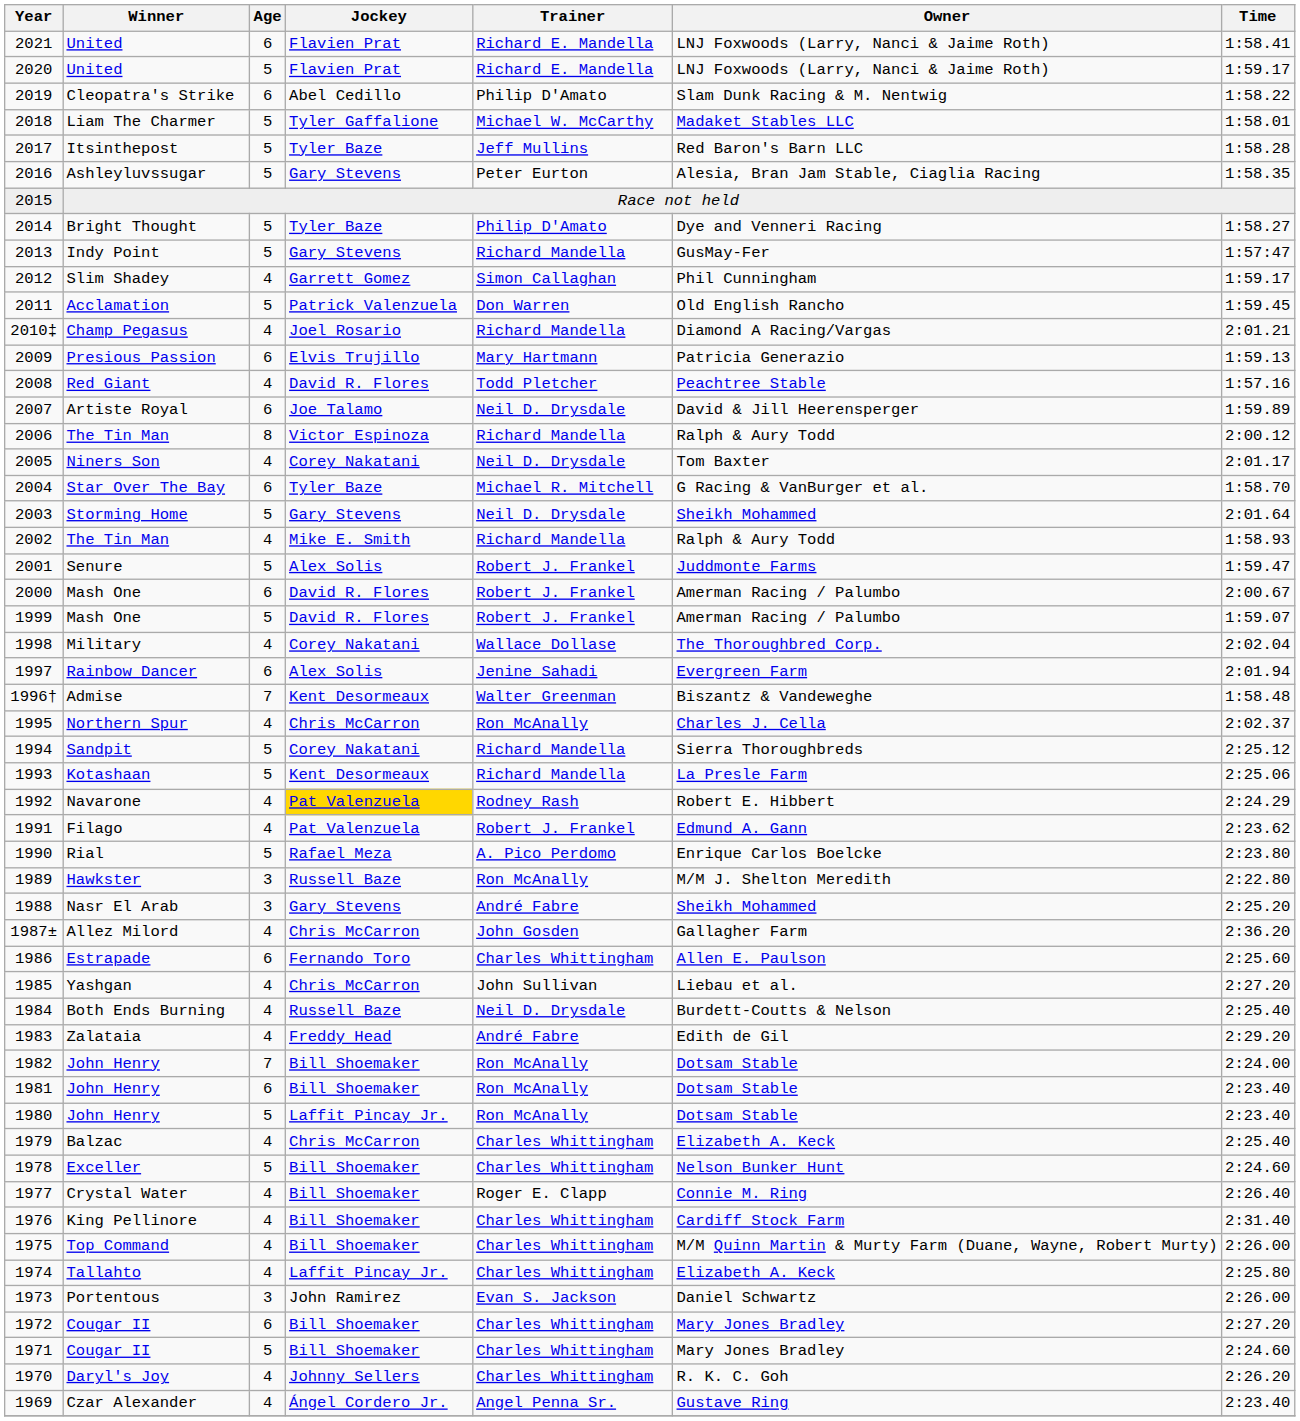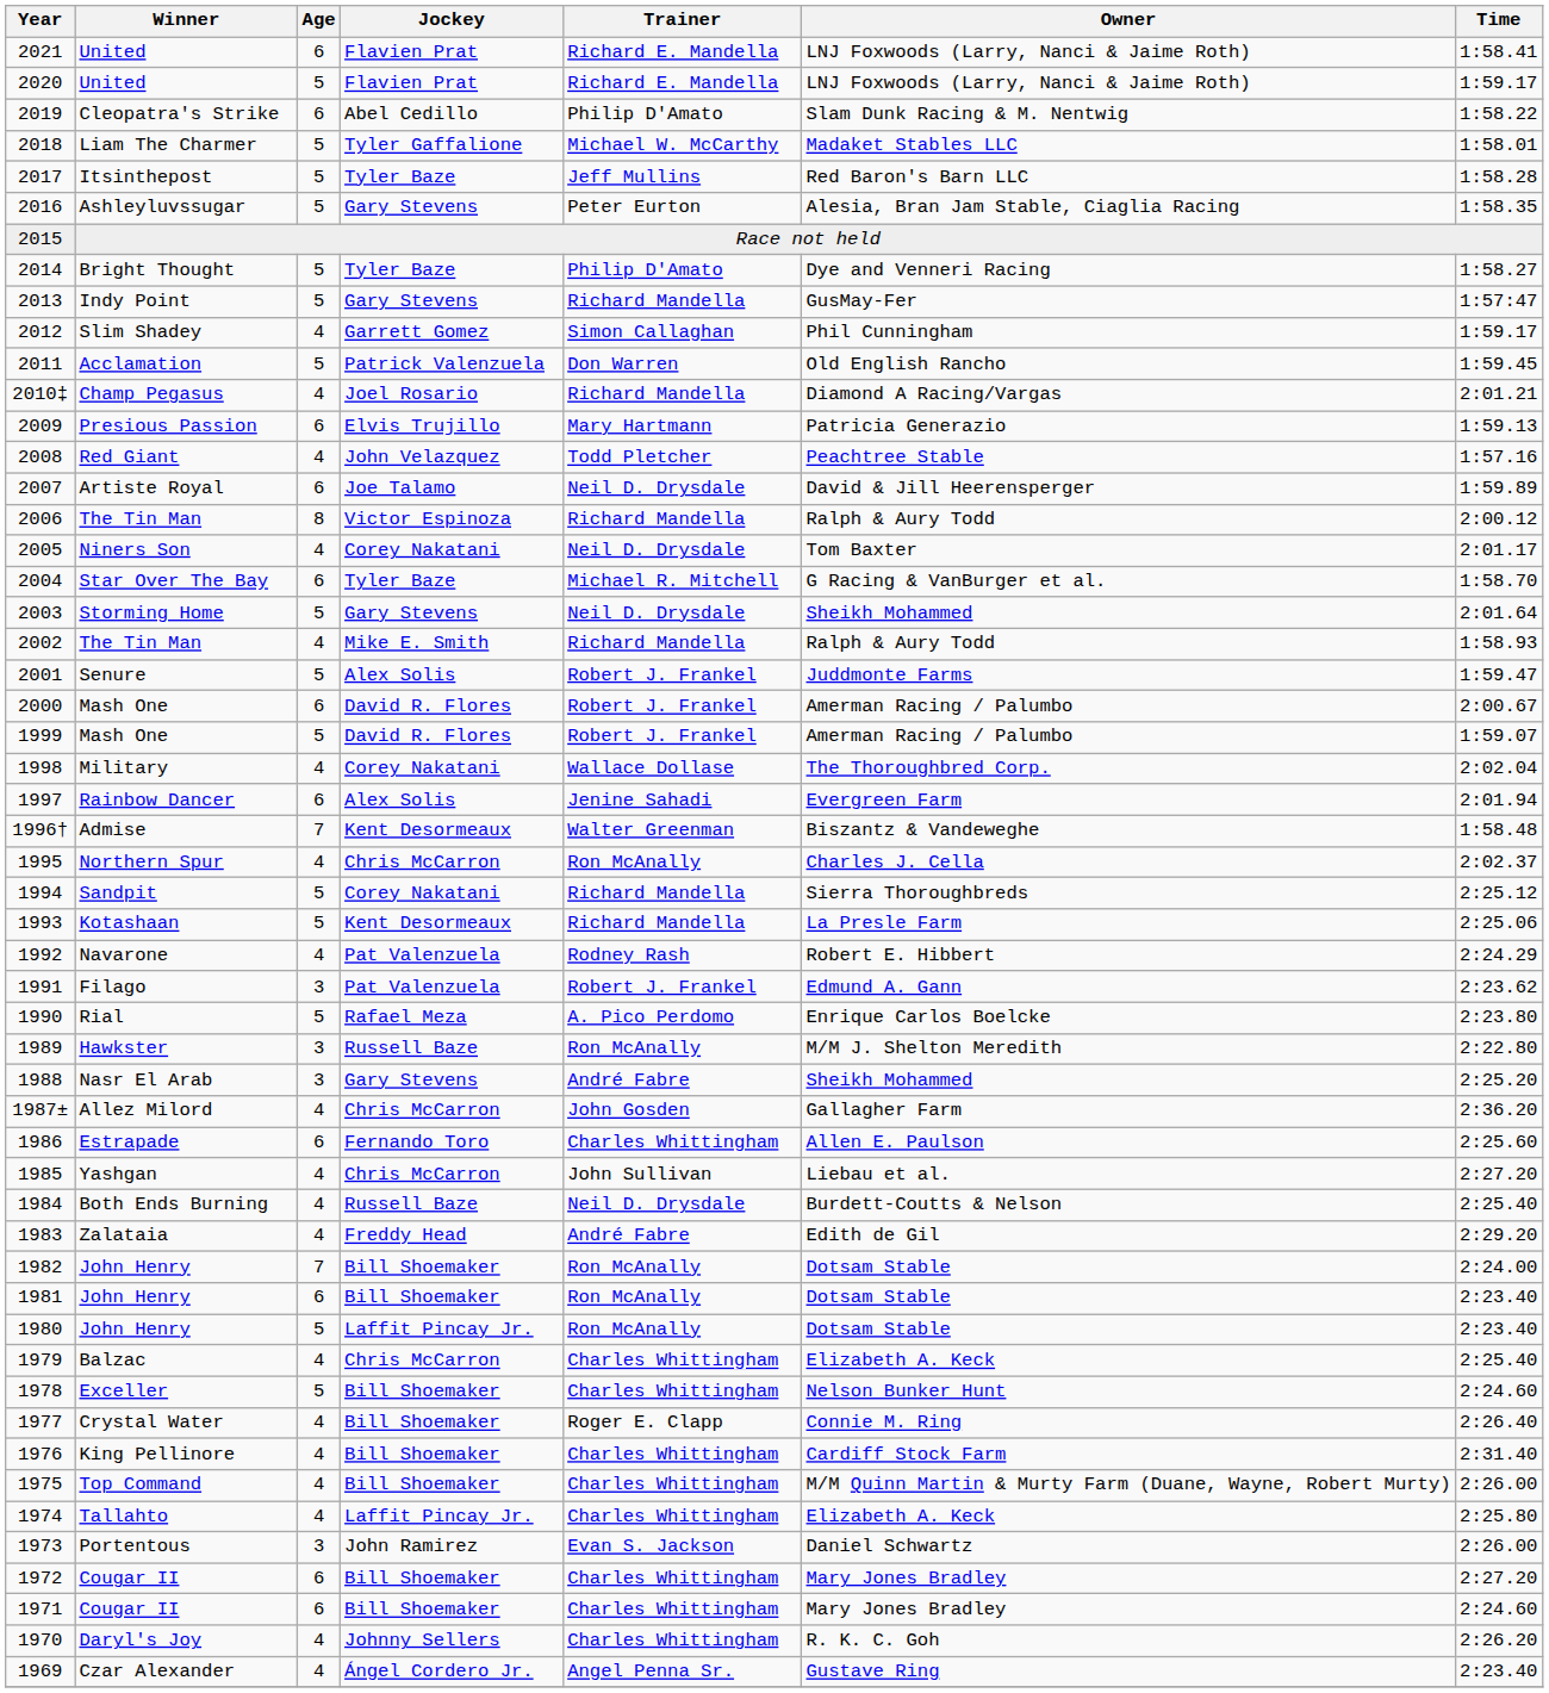 <table class="wikitable sortable" style="font-size:90%">
 <tr>
 <th style="width:38px">Year<br></th>
 <th style="width:135px">Winner<br></th>
 <th>Age<br></th>
 <th style="width:135px">Jockey<br></th>
 <th style="width:145px">Trainer<br></th>
 <th style="width:">Owner<br></th>
 <th>Time</th>
 </tr>
 <tr>
 <td align=center>2021</td>
 <td><a href='#'>United</a></td>
 <td align=center>6</td>
 <td><a href='#'>Flavien Prat</a></td>
 <td><a href='#'>Richard E. Mandella</a></td>
 <td>LNJ Foxwoods (Larry, Nanci & Jaime Roth)</td>
 <td>1:58.41</td>
 </tr>
 <tr>
 <td align=center>2020</td>
 <td><a href='#'>United</a></td>
 <td align=center>5</td>
 <td><a href='#'>Flavien Prat</a></td>
 <td><a href='#'>Richard E. Mandella</a></td>
 <td>LNJ Foxwoods (Larry, Nanci & Jaime Roth)</td>
 <td>1:59.17</td>
 </tr>
 <tr>
 <td align=center>2019</td>
 <td>Cleopatra's Strike</td>
 <td align=center>6</td>
 <td>Abel Cedillo</td>
 <td>Philip D'Amato</td>
 <td>Slam Dunk Racing & M. Nentwig</td>
 <td>1:58.22</td>
 </tr>
 <tr>
 <td align=center>2018</td>
 <td>Liam The Charmer</td>
 <td align=center>5</td>
 <td><a href='#'>Tyler Gaffalione</a></td>
 <td><a href='#'>Michael W. McCarthy</a></td>
 <td><a href='#'>Madaket Stables LLC</a></td>
 <td>1:58.01</td>
 </tr>
 <tr>
 <td align=center>2017</td>
 <td>Itsinthepost</td>
 <td align=center>5</td>
 <td><a href='#'>Tyler Baze</a></td>
 <td><a href='#'>Jeff Mullins</a></td>
 <td>Red Baron's Barn LLC</td>
 <td>1:58.28</td>
 </tr>
 <tr>
 <td align=center>2016</td>
 <td>Ashleyluvssugar</td>
 <td align=center>5</td>
 <td><a href='#'>Gary Stevens</a></td>
 <td>Peter Eurton</td>
 <td>Alesia, Bran Jam Stable, Ciaglia Racing</td>
 <td>1:58.35</td>
 </tr>
 <tr bgcolor="#eeeeee">
 <td align=center>2015</td>
 <td align=center  colspan=7><em>Race not held</em></td>
 </tr>
 <tr>
 <td align=center>2014</td>
 <td>Bright Thought</td>
 <td align=center>5</td>
 <td><a href='#'>Tyler Baze</a></td>
 <td><a href='#'>Philip D'Amato</a></td>
 <td>Dye and Venneri Racing</td>
 <td>1:58.27</td>
 </tr>
 <tr>
 <td align=center>2013</td>
 <td>Indy Point</td>
 <td align=center>5</td>
 <td><a href='#'>Gary Stevens</a></td>
 <td><a href='#'>Richard Mandella</a></td>
 <td>GusMay-Fer</td>
 <td>1:57:47</td>
 </tr>
 <tr>
 <td align=center>2012</td>
 <td>Slim Shadey</td>
 <td align=center>4</td>
 <td><a href='#'>Garrett Gomez</a></td>
 <td><a href='#'>Simon Callaghan</a></td>
 <td>Phil Cunningham</td>
 <td>1:59.17</td>
 </tr>
 <tr>
 <td align=center>2011</td>
 <td><a href='#'>Acclamation</a></td>
 <td align=center>5</td>
 <td><a href='#'>Patrick Valenzuela</a></td>
 <td><a href='#'>Don Warren</a></td>
 <td>Old English Rancho</td>
 <td>1:59.45</td>
 </tr>
 <tr>
 <td align=center>2010‡</td>
 <td><a href='#'>Champ Pegasus</a></td>
 <td align=center>4</td>
 <td><a href='#'>Joel Rosario</a></td>
 <td><a href='#'>Richard Mandella</a></td>
 <td>Diamond A Racing/Vargas</td>
 <td>2:01.21</td>
 </tr>
 <tr>
 <td align=center>2009</td>
 <td><a href='#'>Presious Passion</a></td>
 <td align=center>6</td>
 <td><a href='#'>Elvis Trujillo</a></td>
 <td><a href='#'>Mary Hartmann</a></td>
 <td>Patricia Generazio</td>
 <td>1:59.13</td>
 </tr>
 <tr>
 <td align=center>2008</td>
 <td><a href='#'>Red Giant</a></td>
 <td align=center>4</td>
-<td><a href='#'>David R. Flores</a></td>
+<td><a href='#'>John Velazquez</a></td>
 <td><a href='#'>Todd Pletcher</a></td>
 <td><a href='#'>Peachtree Stable</a></td>
 <td>1:57.16</td>
 </tr>
 <tr>
 <td align=center>2007</td>
 <td>Artiste Royal</td>
 <td align=center>6</td>
 <td><a href='#'>Joe Talamo</a></td>
 <td><a href='#'>Neil D. Drysdale</a></td>
 <td>David & Jill Heerensperger</td>
 <td>1:59.89</td>
 </tr>
 <tr>
 <td align=center>2006</td>
 <td><a href='#'>The Tin Man</a></td>
 <td align=center>8</td>
 <td><a href='#'>Victor Espinoza</a></td>
 <td><a href='#'>Richard Mandella</a></td>
 <td>Ralph & Aury Todd</td>
 <td>2:00.12</td>
 </tr>
 <tr>
 <td align=center>2005</td>
 <td><a href='#'> Niners Son</a></td>
 <td align=center>4</td>
 <td><a href='#'>Corey Nakatani</a></td>
 <td><a href='#'>Neil D. Drysdale</a></td>
 <td>Tom Baxter</td>
 <td>2:01.17</td>
 </tr>
 <tr>
 <td align=center>2004</td>
 <td><a href='#'>Star Over The Bay</a></td>
 <td align=center>6</td>
 <td><a href='#'>Tyler Baze</a></td>
 <td><a href='#'>Michael R. Mitchell</a></td>
 <td>G Racing & VanBurger et al.</td>
 <td>1:58.70</td>
 </tr>
 <tr>
 <td align=center>2003</td>
 <td><a href='#'>Storming Home</a></td>
 <td align=center>5</td>
 <td><a href='#'>Gary Stevens</a></td>
 <td><a href='#'>Neil D. Drysdale</a></td>
 <td><a href='#'>Sheikh Mohammed</a></td>
 <td>2:01.64</td>
 </tr>
 <tr>
 <td align=center>2002</td>
 <td><a href='#'>The Tin Man</a></td>
 <td align=center>4</td>
 <td><a href='#'>Mike E. Smith</a></td>
 <td><a href='#'>Richard Mandella</a></td>
 <td>Ralph & Aury Todd</td>
 <td>1:58.93</td>
 </tr>
 <tr>
 <td align=center>2001</td>
 <td>Senure</td>
 <td align=center>5</td>
 <td><a href='#'>Alex Solis</a></td>
 <td><a href='#'>Robert J. Frankel</a></td>
 <td><a href='#'>Juddmonte Farms</a></td>
 <td>1:59.47</td>
 </tr>
 <tr>
 <td align=center>2000</td>
 <td>Mash One</td>
 <td align=center>6</td>
 <td><a href='#'>David R. Flores</a></td>
 <td><a href='#'>Robert J. Frankel</a></td>
 <td>Amerman Racing / Palumbo</td>
 <td>2:00.67</td>
 </tr>
 <tr>
 <td align=center>1999</td>
 <td>Mash One</td>
 <td align=center>5</td>
 <td><a href='#'>David R. Flores</a></td>
 <td><a href='#'>Robert J. Frankel</a></td>
 <td>Amerman Racing / Palumbo</td>
 <td>1:59.07</td>
 </tr>
 <tr>
 <td align=center>1998</td>
 <td>Military</td>
 <td align=center>4</td>
 <td><a href='#'>Corey Nakatani</a></td>
 <td><a href='#'>Wallace Dollase</a></td>
 <td><a href='#'>The Thoroughbred Corp.</a></td>
 <td>2:02.04</td>
 </tr>
 <tr>
 <td align=center>1997</td>
 <td><a href='#'>Rainbow Dancer</a></td>
 <td align=center>6</td>
 <td><a href='#'>Alex Solis</a></td>
 <td><a href='#'>Jenine Sahadi</a></td>
 <td><a href='#'>Evergreen Farm</a></td>
 <td>2:01.94</td>
 </tr>
 <tr>
 <td align=center>1996†</td>
 <td>Admise</td>
 <td align=center>7</td>
 <td><a href='#'>Kent Desormeaux</a></td>
 <td><a href='#'>Walter Greenman</a></td>
 <td>Biszantz & Vandeweghe</td>
 <td>1:58.48</td>
 </tr>
 <tr>
 <td align=center>1995</td>
 <td><a href='#'>Northern Spur</a></td>
 <td align=center>4</td>
 <td><a href='#'>Chris McCarron</a></td>
 <td><a href='#'>Ron McAnally</a></td>
 <td><a href='#'>Charles J. Cella</a></td>
 <td>2:02.37</td>
 </tr>
 <tr>
 <td align=center>1994</td>
 <td><a href='#'>Sandpit</a></td>
 <td align=center>5</td>
 <td><a href='#'>Corey Nakatani</a></td>
 <td><a href='#'>Richard Mandella</a></td>
 <td>Sierra Thoroughbreds</td>
 <td>2:25.12</td>
 </tr>
 <tr>
 <td align=center>1993</td>
 <td><a href='#'>Kotashaan</a></td>
 <td align=center>5</td>
 <td><a href='#'>Kent Desormeaux</a></td>
 <td><a href='#'>Richard Mandella</a></td>
 <td><a href='#'>La Presle Farm</a></td>
 <td>2:25.06</td>
 </tr>
 <tr>
 <td align=center>1992</td>
 <td>Navarone</td>
 <td align=center>4</td>
-<td style="background: gold;"><a href='#'>Pat Valenzuela</a></td>
+<td><a href='#'>Pat Valenzuela</a></td>
 <td><a href='#'>Rodney Rash</a></td>
 <td>Robert E. Hibbert</td>
 <td>2:24.29</td>
 </tr>
 <tr>
 <td align=center>1991</td>
 <td>Filago</td>
-<td align=center>4</td>
+<td align=center>3</td>
 <td><a href='#'>Pat Valenzuela</a></td>
 <td><a href='#'>Robert J. Frankel</a></td>
 <td><a href='#'>Edmund A. Gann</a></td>
 <td>2:23.62</td>
 </tr>
 <tr>
 <td align=center>1990</td>
 <td>Rial</td>
 <td align=center>5</td>
 <td><a href='#'>Rafael Meza</a></td>
 <td><a href='#'>A. Pico Perdomo</a></td>
 <td>Enrique Carlos Boelcke</td>
 <td>2:23.80</td>
 </tr>
 <tr>
 <td align=center>1989</td>
 <td><a href='#'>Hawkster</a></td>
 <td align=center>3</td>
 <td><a href='#'>Russell Baze</a></td>
 <td><a href='#'>Ron McAnally</a></td>
 <td>M/M J. Shelton Meredith</td>
 <td>2:22.80</td>
 </tr>
 <tr>
 <td align=center>1988</td>
 <td>Nasr El Arab</td>
 <td align=center>3</td>
 <td><a href='#'>Gary Stevens</a></td>
 <td><a href='#'>André Fabre</a></td>
 <td><a href='#'>Sheikh Mohammed</a></td>
 <td>2:25.20</td>
 </tr>
 <tr>
 <td align=center>1987±</td>
 <td>Allez Milord</td>
 <td align=center>4</td>
 <td><a href='#'>Chris McCarron</a></td>
 <td><a href='#'>John Gosden</a></td>
 <td>Gallagher Farm</td>
 <td>2:36.20</td>
 </tr>
 <tr>
 <td align=center>1986</td>
 <td><a href='#'>Estrapade</a></td>
 <td align=center>6</td>
 <td><a href='#'>Fernando Toro</a></td>
 <td><a href='#'>Charles Whittingham</a></td>
 <td><a href='#'>Allen E. Paulson</a></td>
 <td>2:25.60</td>
 </tr>
 <tr>
 <td align=center>1985</td>
 <td>Yashgan</td>
 <td align=center>4</td>
 <td><a href='#'>Chris McCarron</a></td>
 <td>John Sullivan</td>
 <td>Liebau et al.</td>
 <td>2:27.20</td>
 </tr>
 <tr>
 <td align=center>1984</td>
 <td>Both Ends Burning</td>
 <td align=center>4</td>
 <td><a href='#'>Russell Baze</a></td>
 <td><a href='#'>Neil D. Drysdale</a></td>
 <td>Burdett-Coutts & Nelson</td>
 <td>2:25.40</td>
 </tr>
 <tr>
 <td align=center>1983</td>
 <td>Zalataia</td>
 <td align=center>4</td>
 <td><a href='#'>Freddy Head</a></td>
 <td><a href='#'>André Fabre</a></td>
 <td>Edith de Gil</td>
 <td>2:29.20</td>
 </tr>
 <tr>
 <td align=center>1982</td>
 <td><a href='#'>John Henry</a></td>
 <td align=center>7</td>
 <td><a href='#'>Bill Shoemaker</a></td>
 <td><a href='#'>Ron McAnally</a></td>
 <td><a href='#'>Dotsam Stable</a></td>
 <td>2:24.00</td>
 </tr>
 <tr>
 <td align=center>1981</td>
 <td><a href='#'>John Henry</a></td>
 <td align=center>6</td>
 <td><a href='#'>Bill Shoemaker</a></td>
 <td><a href='#'>Ron McAnally</a></td>
 <td><a href='#'>Dotsam Stable</a></td>
 <td>2:23.40</td>
 </tr>
 <tr>
 <td align=center>1980</td>
 <td><a href='#'>John Henry</a></td>
 <td align=center>5</td>
 <td><a href='#'>Laffit Pincay Jr.</a></td>
 <td><a href='#'>Ron McAnally</a></td>
 <td><a href='#'>Dotsam Stable</a></td>
 <td>2:23.40</td>
 </tr>
 <tr>
 <td align=center>1979</td>
 <td>Balzac</td>
 <td align=center>4</td>
 <td><a href='#'>Chris McCarron</a></td>
 <td><a href='#'>Charles Whittingham</a></td>
 <td><a href='#'>Elizabeth A. Keck</a></td>
 <td>2:25.40</td>
 </tr>
 <tr>
 <td align=center>1978</td>
 <td><a href='#'>Exceller</a></td>
 <td align=center>5</td>
 <td><a href='#'>Bill Shoemaker</a></td>
 <td><a href='#'>Charles Whittingham</a></td>
 <td><a href='#'>Nelson Bunker Hunt</a></td>
 <td>2:24.60</td>
 </tr>
 <tr>
 <td align=center>1977</td>
 <td>Crystal Water</td>
 <td align=center>4</td>
 <td><a href='#'>Bill Shoemaker</a></td>
 <td>Roger E. Clapp</td>
 <td><a href='#'>Connie M. Ring</a></td>
 <td>2:26.40</td>
 </tr>
 <tr>
 <td align=center>1976</td>
 <td>King Pellinore</td>
 <td align=center>4</td>
 <td><a href='#'>Bill Shoemaker</a></td>
 <td><a href='#'>Charles Whittingham</a></td>
 <td><a href='#'>Cardiff Stock Farm</a></td>
 <td>2:31.40</td>
 </tr>
 <tr>
 <td align=center>1975</td>
 <td><a href='#'>Top Command</a></td>
 <td align=center>4</td>
 <td><a href='#'>Bill Shoemaker</a></td>
 <td><a href='#'>Charles Whittingham</a></td>
 <td>M/M <a href='#'>Quinn Martin</a> & Murty Farm (Duane, Wayne, Robert Murty)</td>
 <td>2:26.00</td>
 </tr>
 <tr>
 <td align=center>1974</td>
 <td><a href='#'>Tallahto</a></td>
 <td align=center>4</td>
 <td><a href='#'>Laffit Pincay Jr.</a></td>
 <td><a href='#'>Charles Whittingham</a></td>
 <td><a href='#'>Elizabeth A. Keck</a></td>
 <td>2:25.80</td>
 </tr>
 <tr>
 <td align=center>1973</td>
 <td>Portentous</td>
 <td align=center>3</td>
 <td>John Ramirez</td>
 <td><a href='#'>Evan S. Jackson</a></td>
 <td>Daniel Schwartz</td>
 <td>2:26.00</td>
 </tr>
 <tr>
 <td align=center>1972</td>
 <td><a href='#'>Cougar II</a></td>
 <td align=center>6</td>
 <td><a href='#'>Bill Shoemaker</a></td>
 <td><a href='#'>Charles Whittingham</a></td>
 <td><a href='#'>Mary Jones Bradley</a></td>
 <td>2:27.20</td>
 </tr>
 <tr>
 <td align=center>1971</td>
 <td><a href='#'>Cougar II</a></td>
-<td align=center>5</td>
+<td align=center>6</td>
 <td><a href='#'>Bill Shoemaker</a></td>
 <td><a href='#'>Charles Whittingham</a></td>
 <td>Mary Jones Bradley</td>
 <td>2:24.60</td>
 </tr>
 <tr>
 <td align=center>1970</td>
 <td><a href='#'>Daryl's Joy</a></td>
 <td align=center>4</td>
 <td><a href='#'>Johnny Sellers</a></td>
 <td><a href='#'>Charles Whittingham</a></td>
 <td>R. K. C. Goh</td>
 <td>2:26.20</td>
 </tr>
 <tr>
 <td align=center>1969</td>
 <td>Czar Alexander</td>
 <td align=center>4</td>
 <td><a href='#'>Ángel Cordero Jr.</a></td>
 <td><a href='#'>Angel Penna Sr.</a></td>
 <td><a href='#'>Gustave Ring</a></td>
 <td>2:23.40</td>
 </tr>
 <tr>
 </tr>
 </table>
